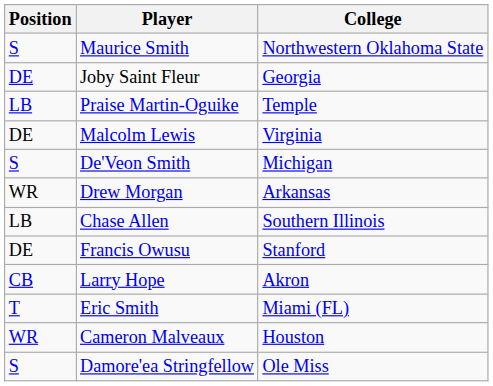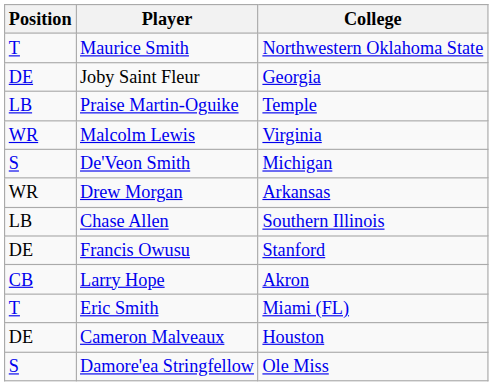 <table class="wikitable">
 <tr>
 <th>Position</th>
 <th>Player</th>
 <th>College</th>
 </tr>
 <tr>
-<td><a href='#'>S</a></td>
+<td><a href='#'>T</a></td>
 <td><a href='#'>Maurice Smith</a></td>
 <td><a href='#'>Northwestern Oklahoma State</a></td>
 </tr>
 <tr>
 <td><a href='#'>DE</a></td>
 <td>Joby Saint Fleur</td>
 <td><a href='#'>Georgia</a></td>
 </tr>
 <tr>
 <td><a href='#'>LB</a></td>
 <td><a href='#'>Praise Martin-Oguike</a></td>
 <td><a href='#'>Temple</a></td>
 </tr>
 <tr>
-<td>DE</td>
+<td><a href='#'>WR</a></td>
 <td><a href='#'>Malcolm Lewis</a></td>
 <td><a href='#'>Virginia</a></td>
 </tr>
 <tr>
 <td><a href='#'>S</a></td>
 <td><a href='#'>De'Veon Smith</a></td>
 <td><a href='#'>Michigan</a></td>
 </tr>
 <tr>
 <td>WR</td>
 <td><a href='#'>Drew Morgan</a></td>
 <td><a href='#'>Arkansas</a></td>
 </tr>
 <tr>
 <td>LB</td>
 <td><a href='#'>Chase Allen</a></td>
 <td><a href='#'>Southern Illinois</a></td>
 </tr>
 <tr>
 <td>DE</td>
 <td><a href='#'>Francis Owusu</a></td>
 <td><a href='#'>Stanford</a></td>
 </tr>
 <tr>
 <td><a href='#'>CB</a></td>
 <td><a href='#'>Larry Hope</a></td>
 <td><a href='#'>Akron</a></td>
 </tr>
 <tr>
 <td><a href='#'>T</a></td>
 <td><a href='#'>Eric Smith</a></td>
 <td><a href='#'>Miami (FL)</a></td>
 </tr>
 <tr>
-<td><a href='#'>WR</a></td>
+<td>DE</td>
 <td><a href='#'>Cameron Malveaux</a></td>
 <td><a href='#'>Houston</a></td>
 </tr>
 <tr>
 <td><a href='#'>S</a></td>
 <td><a href='#'>Damore'ea Stringfellow</a></td>
 <td><a href='#'>Ole Miss</a></td>
 </tr>
 </table>
